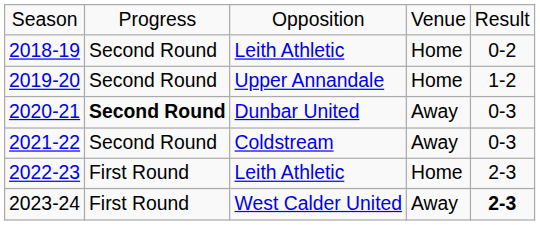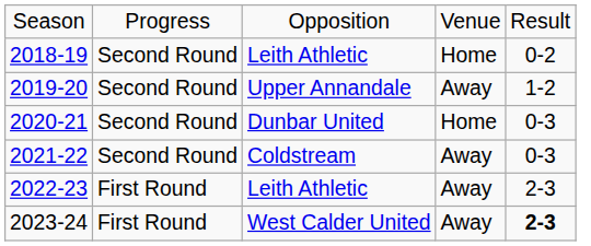 <table class="wikitable">
 <tr>
 <td style="text-align:center">Season</td>
 <td style="text-align:center">Progress</td>
 <td style="text-align:center">Opposition</td>
 <td style="text-align:center">Venue</td>
 <td style="text-align:center">Result</td>
 </tr>
 <tr>
 <td style="text-align:center"><a href='#'>2018-19</a></td>
 <td style="text-align:left">Second Round</td>
 <td style="text-align:left"><a href='#'>Leith Athletic</a></td>
 <td style="text-align:left">Home</td>
 <td align=center>0-2</td>
 </tr>
 <tr>
 <td style="text-align:center"><a href='#'>2019-20</a></td>
 <td style="text-align:left">Second Round</td>
 <td style="text-align:left"><a href='#'>Upper Annandale</a></td>
-<td style="text-align:left">Home</td>
+<td style="text-align:left">Away</td>
 <td align=center>1-2</td>
 </tr>
 <tr>
 <td style="text-align:center"><a href='#'>2020-21</a></td>
-<td style="text-align:left"><strong>Second Round</strong></td>
+<td style="text-align:left">Second Round</td>
 <td style="text-align:left"><a href='#'>Dunbar United</a></td>
-<td style="text-align:left">Away</td>
+<td style="text-align:left">Home</td>
 <td align=center>0-3</td>
 </tr>
 <tr>
 <td style="text-align:center"><a href='#'>2021-22</a></td>
 <td style="text-align:left">Second Round</td>
 <td style="text-align:left"><a href='#'>Coldstream</a></td>
 <td style="text-align:left">Away</td>
 <td align=center>0-3</td>
 </tr>
 <tr>
 <td style="text-align:center"><a href='#'>2022-23</a></td>
 <td style="text-align:left">First Round</td>
 <td style="text-align:left"><a href='#'>Leith Athletic</a></td>
-<td style="text-align:left">Home</td>
+<td style="text-align:left">Away</td>
 <td align=center>2-3</td>
 </tr>
 <tr>
 <td style="text-align:center">2023-24</td>
 <td style="text-align:left">First Round</td>
 <td style="text-align:left"><a href='#'>West Calder United</a></td>
 <td style="text-align:left">Away</td>
 <td align=center><strong>2-3</strong></td>
 </tr>
 </table>
